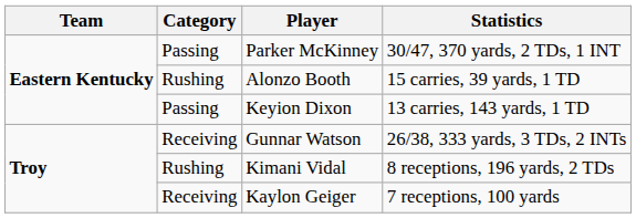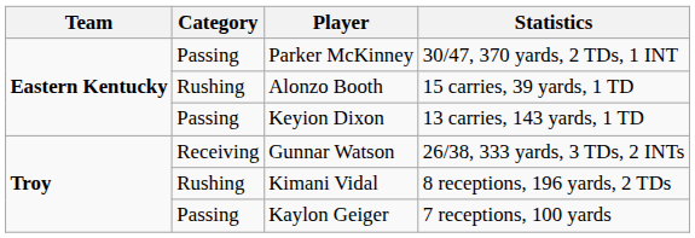 <table class="wikitable" style="float: left;">
 <tr>
 <th>Team</th>
 <th>Category</th>
 <th>Player</th>
 <th>Statistics</th>
 </tr>
 <tr>
 <td rowspan=3><strong>Eastern Kentucky</strong></td>
 <td>Passing</td>
 <td>Parker McKinney</td>
 <td>30/47, 370 yards, 2 TDs, 1 INT</td>
 </tr>
 <tr>
 <td>Rushing</td>
 <td>Alonzo Booth</td>
 <td>15 carries, 39 yards, 1 TD</td>
 </tr>
 <tr>
 <td>Passing</td>
 <td>Keyion Dixon</td>
 <td>13 carries, 143 yards, 1 TD</td>
 </tr>
 <tr>
 <td rowspan=3><strong>Troy</strong></td>
 <td>Receiving</td>
 <td>Gunnar Watson</td>
 <td>26/38, 333 yards, 3 TDs, 2 INTs</td>
 </tr>
 <tr>
 <td>Rushing</td>
 <td>Kimani Vidal</td>
 <td>8 receptions, 196 yards, 2 TDs</td>
 </tr>
 <tr>
-<td>Receiving</td>
+<td>Passing</td>
 <td>Kaylon Geiger</td>
 <td>7 receptions, 100 yards</td>
 </tr>
 </table>
